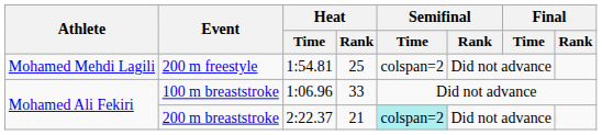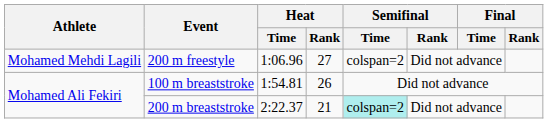 <table class=wikitable style="font-size:90%">
 <tr>
 <th rowspan=2>Athlete</th>
 <th rowspan=2>Event</th>
 <th colspan="2">Heat</th>
 <th colspan="2">Semifinal</th>
 <th colspan="2">Final</th>
 </tr>
 <tr style="font-size:95%">
 <th>Time</th>
 <th>Rank</th>
 <th>Time</th>
 <th>Rank</th>
 <th>Time</th>
 <th>Rank</th>
 </tr>
 <tr align=center>
 <td align=left><a href='#'>Mohamed Mehdi Lagili</a></td>
 <td align=left><a href='#'>200 m freestyle</a></td>
-<td>1:54.81</td>
-<td>25</td>
+<td>1:06.96</td>
+<td>27</td>
 <td>colspan=2 </td>
 <td colspan=2>Did not advance</td>
 </tr>
 <tr align=center>
 <td align=left rowspan=2><a href='#'>Mohamed Ali Fekiri</a></td>
 <td align=left><a href='#'>100 m breaststroke</a></td>
-<td>1:06.96</td>
-<td>33</td>
+<td>1:54.81</td>
+<td>26</td>
 <td colspan=4>Did not advance</td>
 </tr>
 <tr align=center>
 <td align=left><a href='#'>200 m breaststroke</a></td>
 <td>2:22.37</td>
 <td>21</td>
 <td style="background: paleturquoise;">colspan=2 </td>
 <td colspan=2>Did not advance</td>
 </tr>
 </table>
